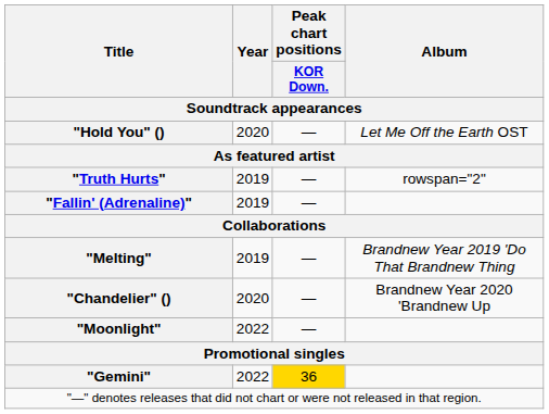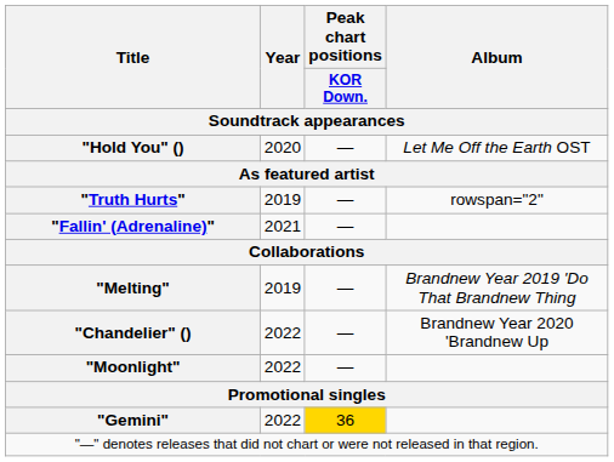 <table class="wikitable plainrowheaders" style="text-align:center;">
 <tr>
 <th scope="col" rowspan="2" style="width:15em;">Title</th>
 <th scope="col" rowspan="2" style="width:2em;">Year</th>
 <th scope="col" colspan="1">Peak<br>chart<br>positions</th>
 <th scope="col" rowspan="2" style="width:13em;">Album</th>
 </tr>
 <tr>
 <th scope="col" style="width:3em;font-size:90%;"><a href='#'>KOR<br>Down.</a><br></th>
 </tr>
 <tr>
 <th colspan="4">Soundtrack appearances</th>
 </tr>
 <tr>
 <th scope="row">"Hold You" ()</th>
 <td>2020</td>
 <td>—</td>
 <td><em>Let Me Off the Earth</em> OST</td>
 </tr>
 <tr>
 <th colspan="4">As featured artist</th>
 </tr>
 <tr>
 <th scope="row">"<a href='#'>Truth Hurts</a>" <br></th>
 <td>2019</td>
 <td>—</td>
 <td>rowspan="2" </td>
 </tr>
 <tr>
 <th scope="row">"<a href='#'>Fallin' (Adrenaline)</a>" <br></th>
-<td>2019</td>
+<td>2021</td>
 <td>—</td>
 </tr>
 <tr>
 <th colspan="4">Collaborations</th>
 </tr>
 <tr>
 <th scope="row">"Melting" <br></th>
 <td>2019</td>
 <td>—</td>
 <td><em>Brandnew Year 2019 'Do That Brandnew Thing<strong></td>
 </tr>
 <tr>
 <th scope="row">"Chandelier" () <br></th>
-<td>2020</td>
+<td>2022</td>
 <td>—</td>
 <td></em>Brandnew Year 2020 'Brandnew Up</strong></td>
 </tr>
 <tr>
 <th scope="row">"Moonlight" <br></th>
 <td>2022</td>
 <td>—</td>
 <td></td>
 </tr>
 <tr>
 <th colspan="4">Promotional singles</th>
 </tr>
 <tr>
 <th scope="row">"Gemini"<br></th>
 <td>2022</td>
 <td style="background: gold;">36</td>
 <td></td>
 </tr>
 <tr>
 <td colspan="6" style="font-size:85%;">"—" denotes releases that did not chart or were not released in that region.</td>
 </tr>
 </table>
